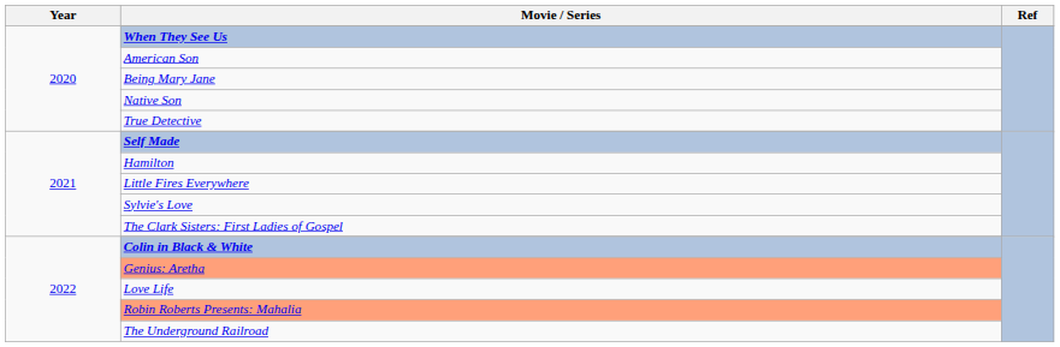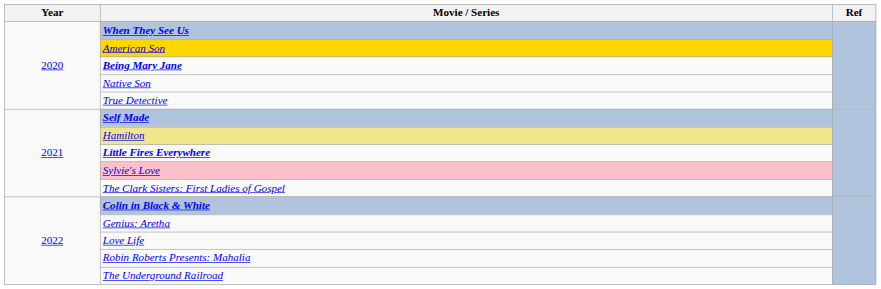 <table class="wikitable" style="width:100%;">
 <tr style="background:#bebebe;">
 <th style="width:11%;">Year</th>
 <th style="width:84%;">Movie / Series</th>
 <th style="width:5%;">Ref</th>
 </tr>
 <tr>
 <td rowspan="6" align="center"><a href='#'>2020</a></td>
 </tr>
 <tr style="background:#B0C4DE">
 <td><strong><em><a href='#'>When They See Us</a></em></strong></td>
 <td rowspan="6" align="center"></td>
 </tr>
 <tr>
-<td><em><a href='#'>American Son</a></em></td>
+<td style="background: gold;"><em><a href='#'>American Son</a></em></td>
 </tr>
 <tr>
-<td><em><a href='#'>Being Mary Jane</a></em></td>
+<td><strong><em><a href='#'>Being Mary Jane</a></em></strong></td>
 </tr>
 <tr>
 <td><em><a href='#'>Native Son</a></em></td>
 </tr>
 <tr>
 <td><em><a href='#'>True Detective</a></em></td>
 </tr>
 <tr>
 <td rowspan="6" align="center"><a href='#'>2021</a></td>
 </tr>
 <tr style="background:#B0C4DE">
 <td><strong><em><a href='#'>Self Made</a></em></strong></td>
 <td rowspan="6" align="center"></td>
 </tr>
 <tr>
-<td><em><a href='#'>Hamilton</a></em></td>
+<td style="background: khaki;"><em><a href='#'>Hamilton</a></em></td>
 </tr>
 <tr>
-<td><em><a href='#'>Little Fires Everywhere</a></em></td>
+<td><strong><em><a href='#'>Little Fires Everywhere</a></em></strong></td>
 </tr>
 <tr>
-<td><em><a href='#'>Sylvie's Love</a></em></td>
+<td style="background: pink;"><em><a href='#'>Sylvie's Love</a></em></td>
 </tr>
 <tr>
 <td><em><a href='#'>The Clark Sisters: First Ladies of Gospel</a></em></td>
 </tr>
 <tr>
 <td rowspan="6" align="center"><a href='#'>2022</a></td>
 </tr>
 <tr style="background:#B0C4DE">
 <td><strong><em><a href='#'>Colin in Black & White</a></em></strong></td>
 <td rowspan="6" align="center"></td>
 </tr>
 <tr>
-<td style="background: lightsalmon;"><em><a href='#'>Genius: Aretha</a></em></td>
+<td><em><a href='#'>Genius: Aretha</a></em></td>
 </tr>
 <tr>
 <td><em><a href='#'>Love Life</a></em></td>
 </tr>
 <tr>
-<td style="background: lightsalmon;"><em><a href='#'>Robin Roberts Presents: Mahalia</a></em></td>
+<td><em><a href='#'>Robin Roberts Presents: Mahalia</a></em></td>
 </tr>
 <tr>
 <td><em><a href='#'>The Underground Railroad</a></em></td>
 </tr>
 </table>
